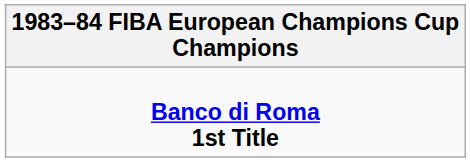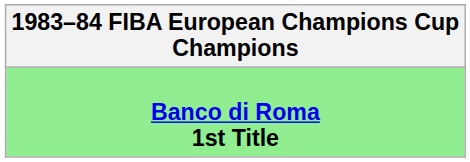 <table class=wikitable style="text-align:center; margin:auto">
 <tr>
 <th>1983–84 FIBA European Champions Cup<br>Champions</th>
 </tr>
 <tr>
-<td> <br> <strong><a href='#'>Banco di Roma</a></strong> <br> <strong>1st Title</strong></td>
+<td style="background: lightgreen;"> <br> <strong><a href='#'>Banco di Roma</a></strong> <br> <strong>1st Title</strong></td>
 </tr>
 </table>
